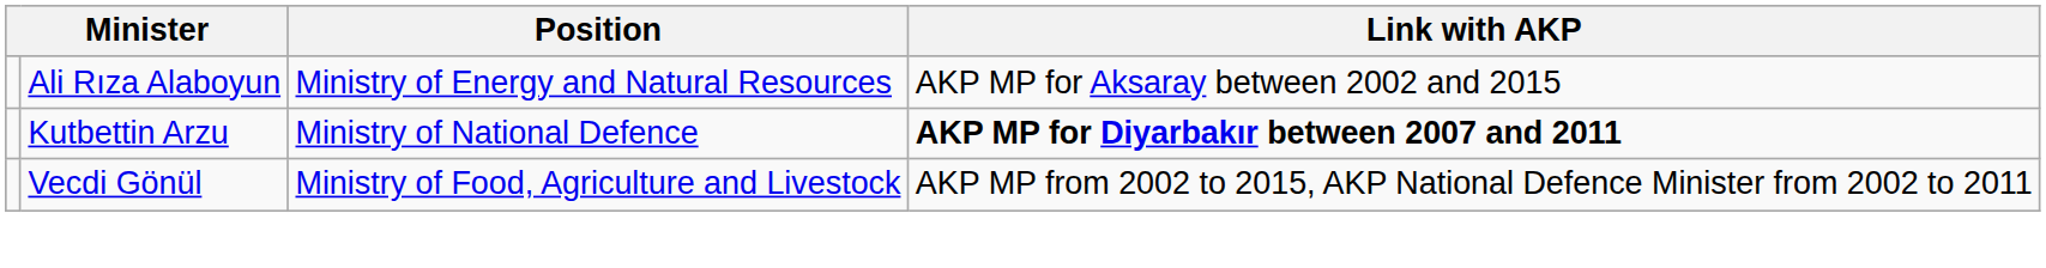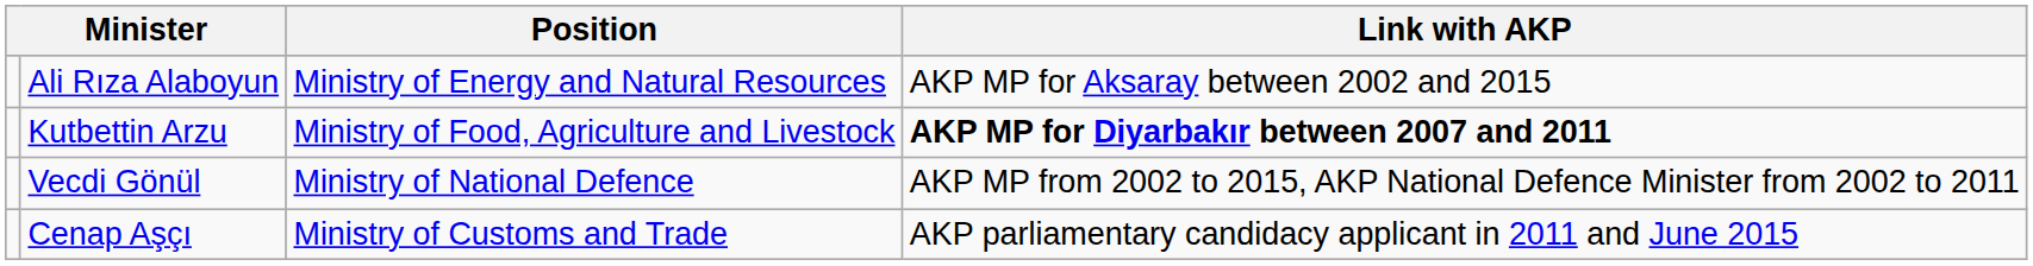 <table class="wikitable">
 <tr>
 <th colspan="2">Minister</th>
 <th>Position</th>
 <th>Link with AKP</th>
 </tr>
 <tr>
 <td style="background: "></td>
 <td><a href='#'>Ali Rıza Alaboyun</a></td>
 <td><a href='#'>Ministry of Energy and Natural Resources</a></td>
 <td>AKP MP for <a href='#'>Aksaray</a> between 2002 and 2015</td>
 </tr>
 <tr>
 <td style="background: "></td>
 <td><a href='#'>Kutbettin Arzu</a></td>
-<td><a href='#'>Ministry of National Defence</a></td>
+<td><a href='#'>Ministry of Food, Agriculture and Livestock</a></td>
 <td><strong>AKP MP for <a href='#'>Diyarbakır</a> between 2007 and 2011</strong></td>
 </tr>
 <tr>
 <td style="background: "></td>
 <td><a href='#'>Vecdi Gönül</a></td>
-<td><a href='#'>Ministry of Food, Agriculture and Livestock</a></td>
+<td><a href='#'>Ministry of National Defence</a></td>
 <td>AKP MP from 2002 to 2015, AKP National Defence Minister from 2002 to 2011</td>
 </tr>
+<tr>
+<td style="background: "></td>
+<td><a href='#'>Cenap Aşçı</a></td>
+<td><a href='#'>Ministry of Customs and Trade</a></td>
+<td>AKP parliamentary candidacy applicant in <a href='#'>2011</a> and <a href='#'>June 2015</a></td>
+</tr>
 </table>
